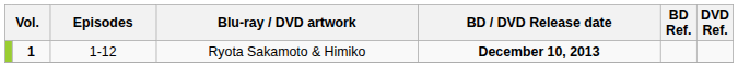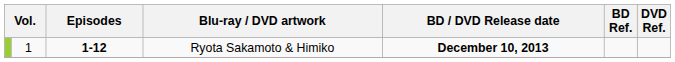 <table class="wikitable" style="text-align: center; width: 98%;">
 <tr>
 <th colspan="2">Vol.</th>
 <th>Episodes</th>
 <th>Blu-ray / DVD artwork</th>
 <th>BD / DVD Release date</th>
 <th width="5%">BD Ref.</th>
 <th width="5%">DVD Ref.</th>
 </tr>
 <tr>
 <td width="1%" style="background: YellowGreen;"></td>
-<td><strong>1</strong></td>
-<td>1-12</td>
+<td>1</td>
+<td><strong>1-12</strong></td>
 <td>Ryota Sakamoto & Himiko</td>
 <td><strong>December 10, 2013</strong></td>
 <td></td>
 <td></td>
 </tr>
 <tr>
 </tr>
 </table>
